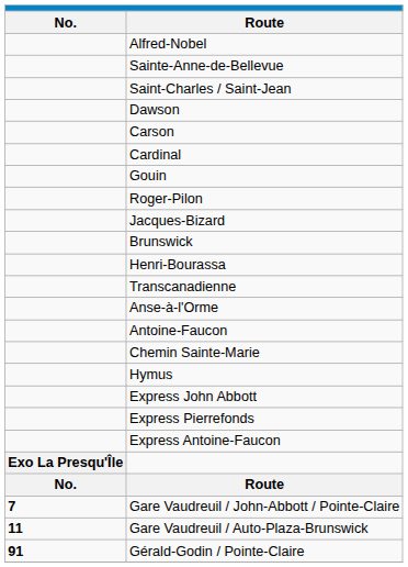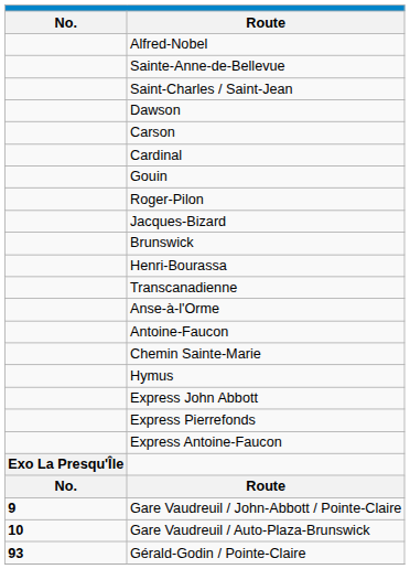 <table align=center class="wikitable">
 <tr>
 <th style="background: #0085CA; font-size:100%; color:#FFFFFF;"colspan="4"><a href='#'></a></th>
 </tr>
 <tr>
 <th>No.</th>
 <th>Route</th>
 </tr>
 <tr>
 <td></td>
 <td>Alfred-Nobel</td>
 </tr>
 <tr>
 <td></td>
 <td>Sainte-Anne-de-Bellevue</td>
 </tr>
 <tr>
 <td></td>
 <td>Saint-Charles / Saint-Jean</td>
 </tr>
 <tr>
 <td></td>
 <td>Dawson</td>
 </tr>
 <tr>
 <td></td>
 <td>Carson</td>
 </tr>
 <tr>
 <td></td>
 <td>Cardinal</td>
 </tr>
 <tr>
 <td></td>
 <td>Gouin</td>
 </tr>
 <tr>
 <td></td>
 <td>Roger-Pilon</td>
 </tr>
 <tr>
 <td></td>
 <td>Jacques-Bizard</td>
 </tr>
 <tr>
 <td></td>
 <td>Brunswick</td>
 </tr>
 <tr>
 <td></td>
 <td>Henri-Bourassa</td>
 </tr>
 <tr>
 <td></td>
 <td>Transcanadienne</td>
 </tr>
 <tr>
 <td></td>
 <td>Anse-à-l'Orme</td>
 </tr>
 <tr>
 <td></td>
 <td>Antoine-Faucon</td>
 </tr>
 <tr>
 <td></td>
 <td>Chemin Sainte-Marie</td>
 </tr>
 <tr>
 <td></td>
 <td>Hymus</td>
 </tr>
 <tr>
 <td></td>
 <td>Express John Abbott</td>
 </tr>
 <tr>
 <td {{Avoid wrap> </td>
 <td>Express Pierrefonds</td>
 </tr>
 <tr>
 <td></td>
 <td>Express Antoine-Faucon</td>
 </tr>
 <tr>
 <th style="background: #">Exo La Presqu'Île</th>
 </tr>
 <tr>
 <th>No.</th>
 <th>Route</th>
 </tr>
 <tr>
-<td {{border> <strong>7</strong></td>
+<td {{border> <strong>9</strong></td>
 <td>Gare Vaudreuil / John-Abbott / Pointe-Claire</td>
 </tr>
 <tr>
-<td {{border> <strong>11</strong></td>
+<td {{border> <strong>10</strong></td>
 <td>Gare Vaudreuil / Auto-Plaza-Brunswick</td>
 </tr>
 <tr>
-<td {{border> <strong>91</strong></td>
+<td {{border> <strong>93</strong></td>
 <td>Gérald-Godin / Pointe-Claire</td>
 </tr>
 <tr>
 </tr>
 </table>
